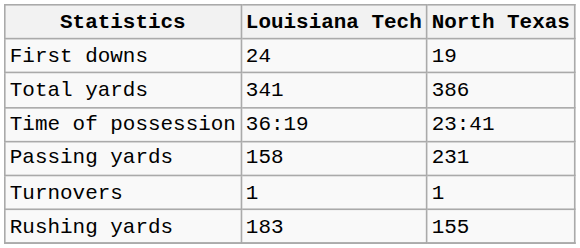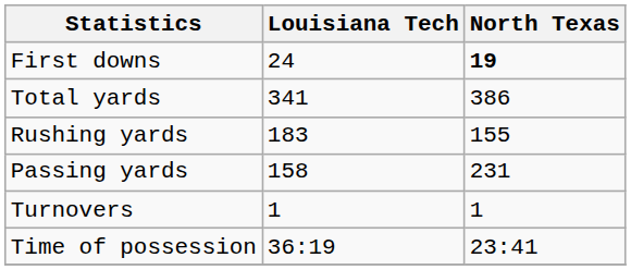 <table class="wikitable">
 <tr>
 <th>Statistics</th>
 <th>Louisiana Tech</th>
 <th>North Texas</th>
 </tr>
 <tr>
 <td>First downs</td>
 <td>24</td>
-<td>19</td>
+<td><strong>19</strong></td>
 </tr>
 <tr>
 <td>Total yards</td>
 <td>341</td>
 <td>386</td>
 </tr>
 <tr>
-<td>Time of possession</td>
-<td>36:19</td>
-<td>23:41</td>
+<td>Rushing yards</td>
+<td>183</td>
+<td>155</td>
 </tr>
 <tr>
 <td>Passing yards</td>
 <td>158</td>
 <td>231</td>
 </tr>
 <tr>
 <td>Turnovers</td>
 <td>1</td>
 <td>1</td>
 </tr>
 <tr>
-<td>Rushing yards</td>
-<td>183</td>
-<td>155</td>
+<td>Time of possession</td>
+<td>36:19</td>
+<td>23:41</td>
 </tr>
 <tr>
 </tr>
 </table>
